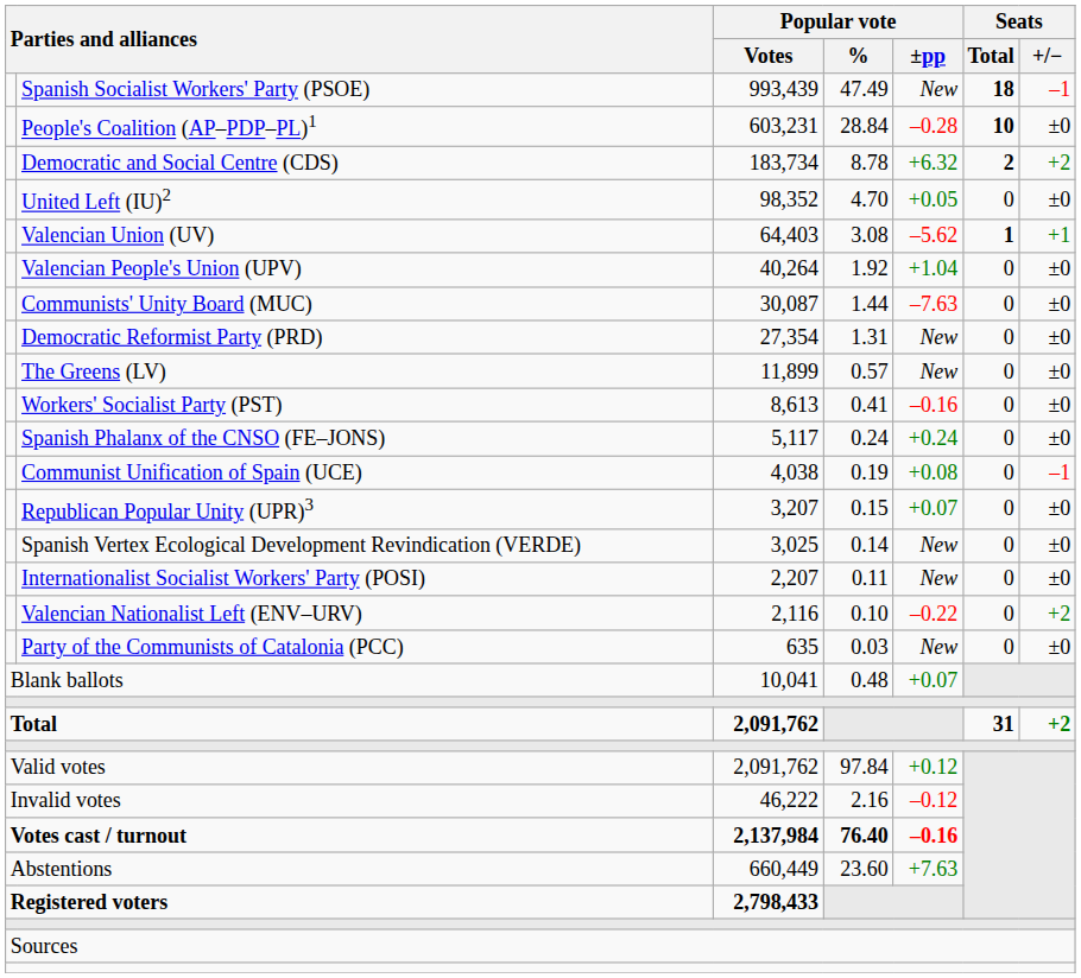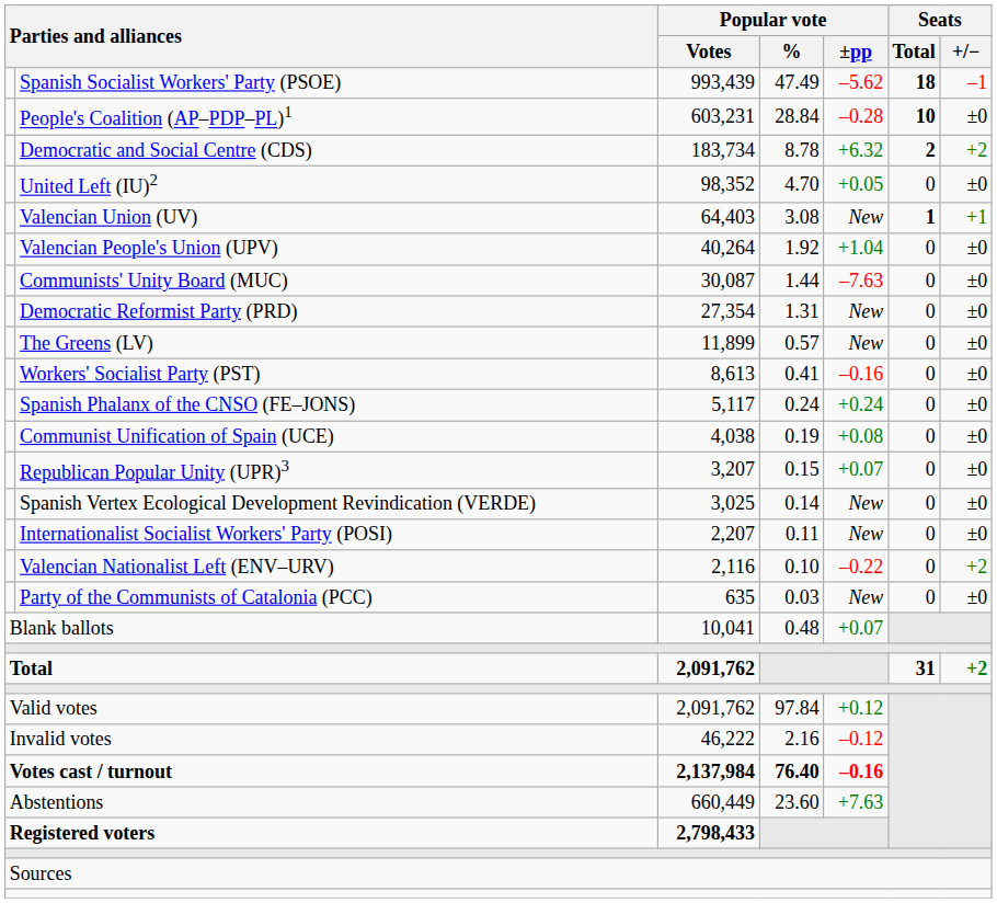 <table class="wikitable" style="text-align:right;">
 <tr>
 <th style="text-align:left;" rowspan="2" colspan="2" width="525">Parties and alliances</th>
 <th colspan="3">Popular vote</th>
 <th colspan="2">Seats</th>
 </tr>
 <tr>
 <th width="75">Votes</th>
 <th width="45">%</th>
 <th width="45">±<a href='#'>pp</a></th>
 <th width="35">Total</th>
 <th width="35">+/−</th>
 </tr>
 <tr>
 <td width="1" style="color:inherit;background:"></td>
 <td align="left"><a href='#'>Spanish Socialist Workers' Party</a> (PSOE)</td>
 <td>993,439</td>
 <td>47.49</td>
-<td><em>New</em></td>
+<td style="color:red;">–5.62</td>
 <td><strong>18</strong></td>
 <td style="color:red;">–1</td>
 </tr>
 <tr>
 <td style="color:inherit;background:"></td>
 <td align="left"><a href='#'>People's Coalition</a> (<a href='#'>AP</a>–<a href='#'>PDP</a>–<a href='#'>PL</a>)<sup>1</sup></td>
 <td>603,231</td>
 <td>28.84</td>
 <td style="color:red;">–0.28</td>
 <td><strong>10</strong></td>
 <td>±0</td>
 </tr>
 <tr>
 <td style="color:inherit;background:"></td>
 <td align="left"><a href='#'>Democratic and Social Centre</a> (CDS)</td>
 <td>183,734</td>
 <td>8.78</td>
 <td style="color:green;">+6.32</td>
 <td><strong>2</strong></td>
 <td style="color:green;">+2</td>
 </tr>
 <tr>
 <td style="color:inherit;background:"></td>
 <td align="left"><a href='#'>United Left</a> (IU)<sup>2</sup></td>
 <td>98,352</td>
 <td>4.70</td>
 <td style="color:green;">+0.05</td>
 <td>0</td>
 <td>±0</td>
 </tr>
 <tr>
 <td style="color:inherit;background:"></td>
 <td align="left"><a href='#'>Valencian Union</a> (UV)</td>
 <td>64,403</td>
 <td>3.08</td>
-<td style="color:red;">–5.62</td>
+<td><em>New</em></td>
 <td><strong>1</strong></td>
 <td style="color:green;">+1</td>
 </tr>
 <tr>
 <td style="color:inherit;background:"></td>
 <td align="left"><a href='#'>Valencian People's Union</a> (UPV)</td>
 <td>40,264</td>
 <td>1.92</td>
 <td style="color:green;">+1.04</td>
 <td>0</td>
 <td>±0</td>
 </tr>
 <tr>
 <td style="color:inherit;background:"></td>
 <td align="left"><a href='#'>Communists' Unity Board</a> (MUC)</td>
 <td>30,087</td>
 <td>1.44</td>
 <td style="color:red;">–7.63</td>
 <td>0</td>
 <td>±0</td>
 </tr>
 <tr>
 <td style="color:inherit;background:"></td>
 <td align="left"><a href='#'>Democratic Reformist Party</a> (PRD)</td>
 <td>27,354</td>
 <td>1.31</td>
 <td><em>New</em></td>
 <td>0</td>
 <td>±0</td>
 </tr>
 <tr>
 <td style="color:inherit;background:"></td>
 <td align="left"><a href='#'>The Greens</a> (LV)</td>
 <td>11,899</td>
 <td>0.57</td>
 <td><em>New</em></td>
 <td>0</td>
 <td>±0</td>
 </tr>
 <tr>
 <td style="color:inherit;background:"></td>
 <td align="left"><a href='#'>Workers' Socialist Party</a> (PST)</td>
 <td>8,613</td>
 <td>0.41</td>
 <td style="color:red;">–0.16</td>
 <td>0</td>
 <td>±0</td>
 </tr>
 <tr>
 <td style="color:inherit;background:"></td>
 <td align="left"><a href='#'>Spanish Phalanx of the CNSO</a> (FE–JONS)</td>
 <td>5,117</td>
 <td>0.24</td>
 <td style="color:green;">+0.24</td>
 <td>0</td>
 <td>±0</td>
 </tr>
 <tr>
 <td style="color:inherit;background:"></td>
 <td align="left"><a href='#'>Communist Unification of Spain</a> (UCE)</td>
 <td>4,038</td>
 <td>0.19</td>
 <td style="color:green;">+0.08</td>
 <td>0</td>
-<td style="color:red;">–1</td>
+<td>±0</td>
 </tr>
 <tr>
 <td style="color:inherit;background:"></td>
 <td align="left"><a href='#'>Republican Popular Unity</a> (UPR)<sup>3</sup></td>
 <td>3,207</td>
 <td>0.15</td>
 <td style="color:green;">+0.07</td>
 <td>0</td>
 <td>±0</td>
 </tr>
 <tr>
 <td style="color:inherit;background:"></td>
 <td align="left">Spanish Vertex Ecological Development Revindication (VERDE)</td>
 <td>3,025</td>
 <td>0.14</td>
 <td><em>New</em></td>
 <td>0</td>
 <td>±0</td>
 </tr>
 <tr>
 <td style="color:inherit;background:"></td>
 <td align="left"><a href='#'>Internationalist Socialist Workers' Party</a> (POSI)</td>
 <td>2,207</td>
 <td>0.11</td>
 <td><em>New</em></td>
 <td>0</td>
 <td>±0</td>
 </tr>
 <tr>
 <td style="color:inherit;background:"></td>
 <td align="left"><a href='#'>Valencian Nationalist Left</a> (ENV–URV)</td>
 <td>2,116</td>
 <td>0.10</td>
 <td style="color:red;">–0.22</td>
 <td>0</td>
 <td style="color:green;">+2</td>
 </tr>
 <tr>
 <td style="color:inherit;background:"></td>
 <td align="left"><a href='#'>Party of the Communists of Catalonia</a> (PCC)</td>
 <td>635</td>
 <td>0.03</td>
 <td><em>New</em></td>
 <td>0</td>
 <td>±0</td>
 </tr>
 <tr>
 <td align="left" colspan="2">Blank ballots</td>
 <td>10,041</td>
 <td>0.48</td>
 <td style="color:green;">+0.07</td>
 <td bgcolor="#E9E9E9" colspan="2"></td>
 </tr>
 <tr>
 <td colspan="7" bgcolor="#E9E9E9"></td>
 </tr>
 <tr style="font-weight:bold;">
 <td align="left" colspan="2">Total</td>
 <td>2,091,762</td>
 <td bgcolor="#E9E9E9" colspan="2"></td>
 <td>31</td>
 <td style="color:green;">+2</td>
 </tr>
 <tr>
 <td colspan="7" bgcolor="#E9E9E9"></td>
 </tr>
 <tr>
 <td align="left" colspan="2">Valid votes</td>
 <td>2,091,762</td>
 <td>97.84</td>
 <td style="color:green;">+0.12</td>
 <td bgcolor="#E9E9E9" colspan="2" rowspan="5"></td>
 </tr>
 <tr>
 <td align="left" colspan="2">Invalid votes</td>
 <td>46,222</td>
 <td>2.16</td>
 <td style="color:red;">–0.12</td>
 </tr>
 <tr style="font-weight:bold;">
 <td align="left" colspan="2">Votes cast / turnout</td>
 <td>2,137,984</td>
 <td>76.40</td>
 <td style="color:red;">–0.16</td>
 </tr>
 <tr>
 <td align="left" colspan="2">Abstentions</td>
 <td>660,449</td>
 <td>23.60</td>
 <td style="color:green;">+7.63</td>
 </tr>
 <tr style="font-weight:bold;">
 <td align="left" colspan="2">Registered voters</td>
 <td>2,798,433</td>
 <td bgcolor="#E9E9E9" colspan="2"></td>
 </tr>
 <tr>
 <td colspan="7" bgcolor="#E9E9E9"></td>
 </tr>
 <tr>
 <td align="left" colspan="7">Sources</td>
 </tr>
 <tr>
 <td colspan="7" style="text-align:left; max-width:790px;"></td>
 </tr>
 </table>
